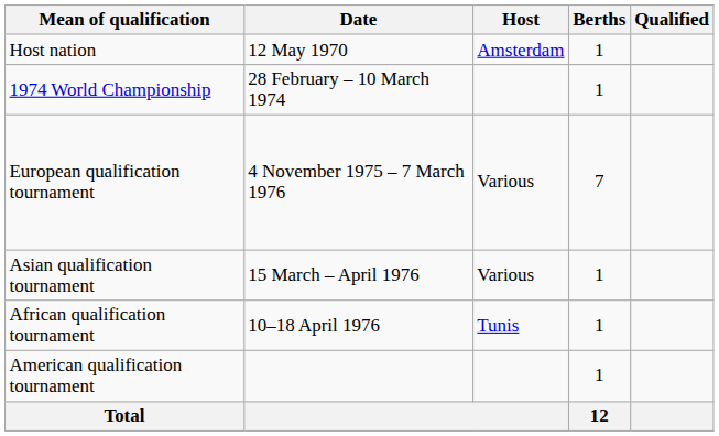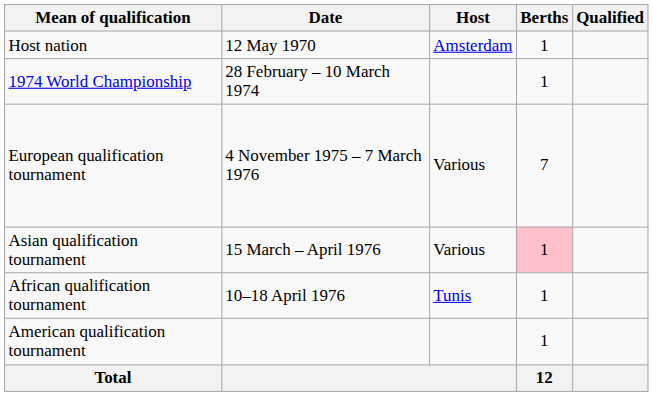 <table class="wikitable">
 <tr>
 <th>Mean of qualification</th>
 <th>Date</th>
 <th>Host</th>
 <th>Berths</th>
 <th>Qualified</th>
 </tr>
 <tr>
 <td>Host nation</td>
 <td>12 May 1970</td>
 <td> <a href='#'>Amsterdam</a></td>
 <td align=center>1</td>
 <td></td>
 </tr>
 <tr>
 <td><a href='#'>1974 World Championship</a></td>
 <td>28 February – 10 March 1974</td>
 <td></td>
 <td align=center>1</td>
 <td></td>
 </tr>
 <tr>
 <td>European qualification tournament</td>
 <td>4 November 1975 – 7 March 1976</td>
 <td>Various</td>
 <td align=center>7</td>
 <td><br><br><br><br><br><br></td>
 </tr>
 <tr>
 <td>Asian qualification tournament</td>
 <td>15 March – April 1976</td>
 <td>Various</td>
-<td align=center>1</td>
+<td align=center style="background: pink;">1</td>
 <td></td>
 </tr>
 <tr>
 <td>African qualification tournament</td>
 <td>10–18 April 1976</td>
 <td> <a href='#'>Tunis</a></td>
 <td align=center>1</td>
 <td></td>
 </tr>
 <tr>
 <td>American qualification tournament</td>
 <td></td>
 <td></td>
 <td align=center>1</td>
 <td></td>
 </tr>
 <tr>
 <th>Total</th>
 <th colspan=2></th>
 <th>12</th>
 <th></th>
 </tr>
 </table>
